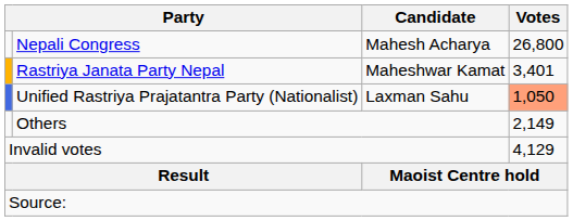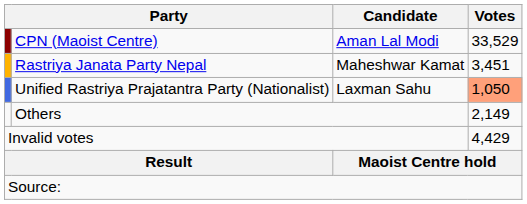 <table class="wikitable">
 <tr>
 <th colspan="2">Party</th>
 <th>Candidate</th>
 <th>Votes</th>
 </tr>
 <tr>
-<td style="background-color:"></td>
-<td><a href='#'>Nepali Congress</a></td>
-<td>Mahesh Acharya</td>
-<td>26,800</td>
+<td style="background-color:darkred"></td>
+<td><a href='#'>CPN (Maoist Centre)</a></td>
+<td><a href='#'>Aman Lal Modi</a></td>
+<td>33,529</td>
 </tr>
 <tr>
 <td style="background-color:#ffb300"></td>
 <td><a href='#'>Rastriya Janata Party Nepal</a></td>
 <td>Maheshwar Kamat</td>
-<td>3,401</td>
+<td>3,451</td>
 </tr>
 <tr>
 <td style="background-color:royalblue"></td>
 <td>Unified Rastriya Prajatantra Party (Nationalist)</td>
 <td>Laxman Sahu</td>
 <td style="background: lightsalmon;">1,050</td>
 </tr>
 <tr>
 <td></td>
 <td colspan="2">Others</td>
 <td>2,149</td>
 </tr>
 <tr>
 <td colspan="3">Invalid votes</td>
-<td>4,129</td>
+<td>4,429</td>
 </tr>
 <tr>
 <th colspan="2">Result</th>
 <th colspan="2">Maoist Centre hold</th>
 </tr>
 <tr>
 <td colspan="4">Source: </td>
 </tr>
 </table>
